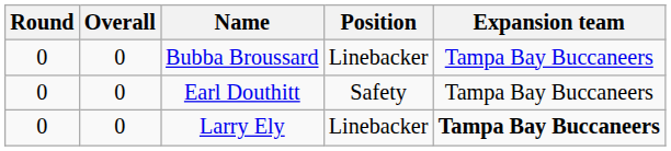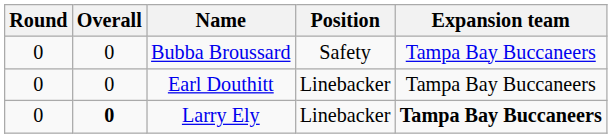 <table class="wikitable" style="text-align:center">
 <tr>
 <th>Round</th>
 <th>Overall</th>
 <th>Name</th>
 <th>Position</th>
 <th>Expansion team</th>
 </tr>
 <tr>
 <td>0</td>
 <td>0</td>
 <td><a href='#'>Bubba Broussard</a></td>
-<td>Linebacker</td>
+<td>Safety</td>
 <td><a href='#'>Tampa Bay Buccaneers</a></td>
 </tr>
 <tr>
 <td>0</td>
 <td>0</td>
 <td><a href='#'>Earl Douthitt</a></td>
-<td>Safety</td>
+<td>Linebacker</td>
 <td>Tampa Bay Buccaneers</td>
 </tr>
 <tr>
 <td>0</td>
-<td>0</td>
+<td><strong>0</strong></td>
 <td><a href='#'>Larry Ely</a></td>
 <td>Linebacker</td>
 <td><strong>Tampa Bay Buccaneers</strong></td>
 </tr>
 </table>
